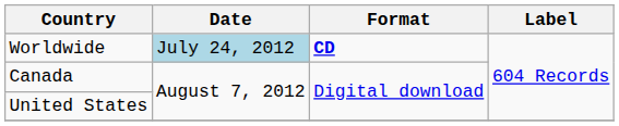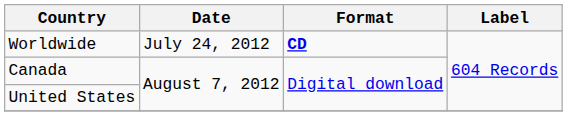 <table class="wikitable">
 <tr>
 <th>Country</th>
 <th>Date</th>
 <th>Format</th>
 <th>Label</th>
 </tr>
 <tr>
 <td>Worldwide</td>
-<td style="background: lightblue;">July 24, 2012</td>
+<td>July 24, 2012</td>
 <td><strong><a href='#'>CD</a></strong></td>
 <td rowspan="3"><a href='#'>604 Records</a></td>
 </tr>
 <tr>
 <td>Canada</td>
 <td rowspan="2">August 7, 2012</td>
 <td rowspan="2"><a href='#'>Digital download</a></td>
 </tr>
 <tr>
 <td>United States</td>
 </tr>
 <tr>
 </tr>
 </table>
